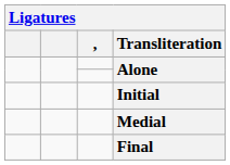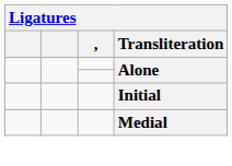 <table class="wikitable" style="text-align: center; display: inline-table;">
 <tr>
 <th colspan="4" style="text-align: left"><a href='#'>Ligatures</a></th>
 </tr>
 <tr>
 <th style="min-width: 1.75em"></th>
 <th style="min-width: 1.75em"></th>
 <th style="min-width: 1.75em">, </th>
 <th style="text-align: left">Transliteration</th>
 </tr>
 <tr>
 <td rowspan="2"></td>
 <td rowspan="2"></td>
 <td>  </td>
 <th rowspan="2" style="text-align: left">Alone</th>
 </tr>
 <tr>
 <td>  </td>
 </tr>
 <tr>
 <td></td>
 <td></td>
 <td></td>
 <th style="text-align: left">Initial</th>
 </tr>
 <tr>
 <td></td>
 <td></td>
 <td></td>
 <th style="text-align: left">Medial</th>
 </tr>
-<tr>
-<td></td>
-<td></td>
-<td></td>
-<th style="text-align: left">Final</th>
-</tr>
 </table>
